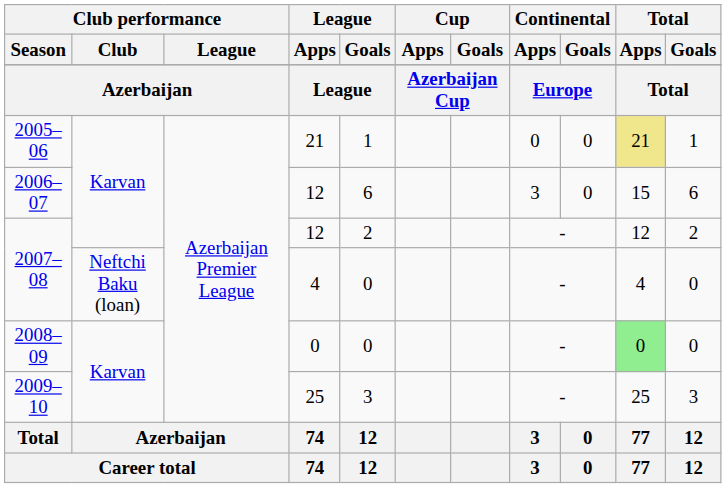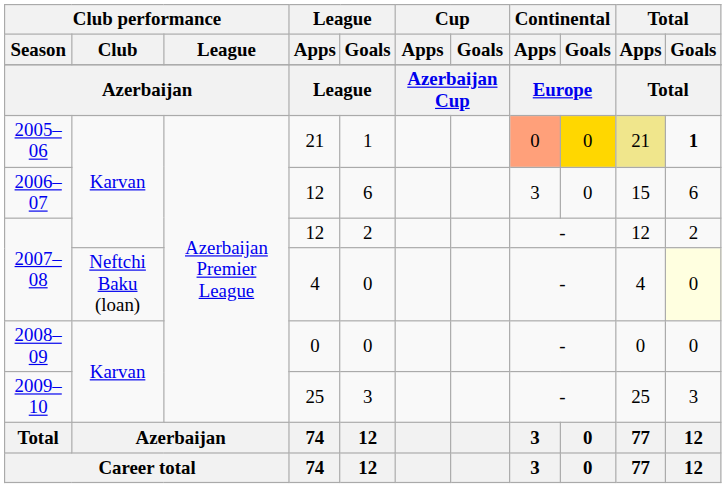 <table class="wikitable" style="text-align:center">
 <tr>
 <th colspan=3>Club performance</th>
 <th colspan=2>League</th>
 <th colspan=2>Cup</th>
 <th colspan=2>Continental</th>
 <th colspan=2>Total</th>
 </tr>
 <tr>
 <th>Season</th>
 <th>Club</th>
 <th>League</th>
 <th>Apps</th>
 <th>Goals</th>
 <th>Apps</th>
 <th>Goals</th>
 <th>Apps</th>
 <th>Goals</th>
 <th>Apps</th>
 <th>Goals</th>
 </tr>
 <tr>
 </tr>
 <tr>
 <th colspan=3>Azerbaijan</th>
 <th colspan=2>League</th>
 <th colspan=2><a href='#'>Azerbaijan Cup</a></th>
 <th colspan=2><a href='#'>Europe</a></th>
 <th colspan=2>Total</th>
 </tr>
 <tr>
 <td><a href='#'>2005–06</a></td>
 <td rowspan="3"><a href='#'>Karvan</a></td>
 <td rowspan="6"><a href='#'>Azerbaijan Premier League</a></td>
 <td>21</td>
 <td>1</td>
 <td></td>
 <td></td>
-<td>0</td>
-<td>0</td>
+<td style="background: lightsalmon;">0</td>
+<td style="background: gold;">0</td>
 <td style="background: khaki;">21</td>
-<td>1</td>
+<td><strong>1</strong></td>
 </tr>
 <tr>
 <td><a href='#'>2006–07</a></td>
 <td>12</td>
 <td>6</td>
 <td></td>
 <td></td>
 <td>3</td>
 <td>0</td>
 <td>15</td>
 <td>6</td>
 </tr>
 <tr>
 <td rowspan="2"><a href='#'>2007–08</a></td>
 <td>12</td>
 <td>2</td>
 <td></td>
 <td></td>
 <td colspan="2">-</td>
 <td>12</td>
 <td>2</td>
 </tr>
 <tr>
 <td><a href='#'>Neftchi Baku</a> (loan)</td>
 <td>4</td>
 <td>0</td>
 <td></td>
 <td></td>
 <td colspan="2">-</td>
 <td>4</td>
-<td>0</td>
+<td style="background: lightyellow;">0</td>
 </tr>
 <tr>
 <td><a href='#'>2008–09</a></td>
 <td rowspan="2"><a href='#'>Karvan</a></td>
 <td>0</td>
 <td>0</td>
 <td></td>
 <td></td>
 <td colspan="2">-</td>
-<td style="background: lightgreen;">0</td>
+<td>0</td>
 <td>0</td>
 </tr>
 <tr>
 <td><a href='#'>2009–10</a></td>
 <td>25</td>
 <td>3</td>
 <td></td>
 <td></td>
 <td colspan="2">-</td>
 <td>25</td>
 <td>3</td>
 </tr>
 <tr>
 <th rowspan=1>Total</th>
 <th colspan=2>Azerbaijan</th>
 <th>74</th>
 <th>12</th>
 <th></th>
 <th></th>
 <th>3</th>
 <th>0</th>
 <th>77</th>
 <th>12</th>
 </tr>
 <tr>
 <th colspan=3>Career total</th>
 <th>74</th>
 <th>12</th>
 <th></th>
 <th></th>
 <th>3</th>
 <th>0</th>
 <th>77</th>
 <th>12</th>
 </tr>
 </table>
